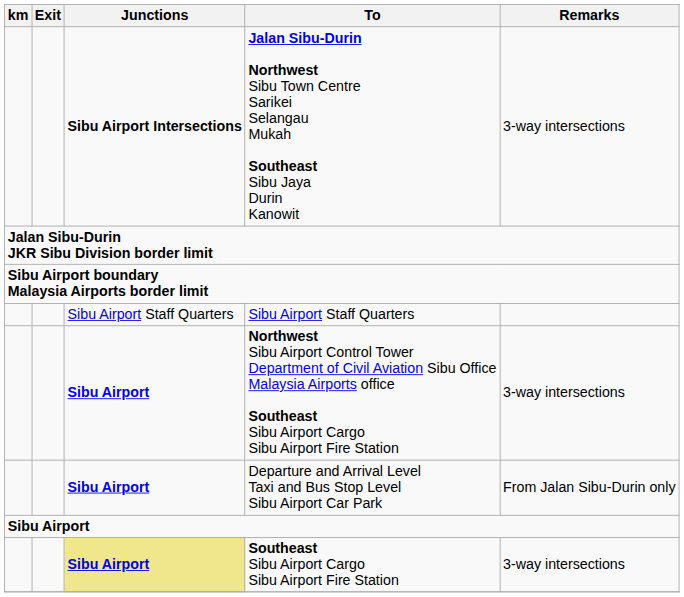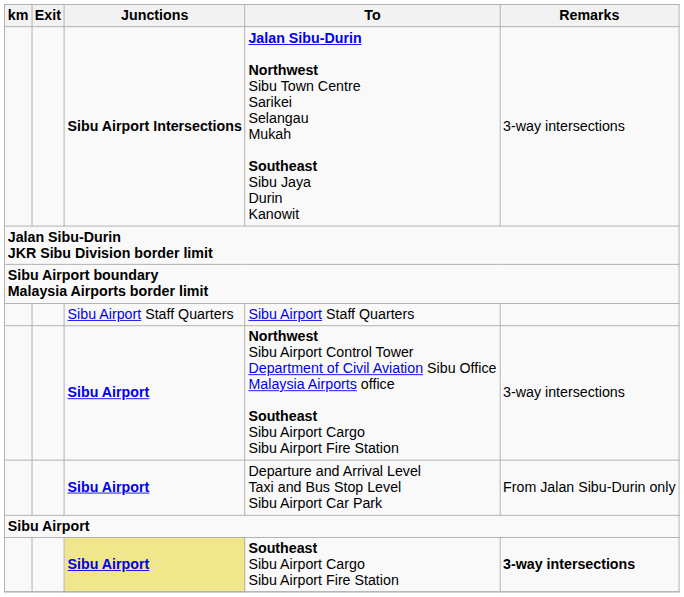 <table class="wikitable">
 <tr>
 <th>km</th>
 <th>Exit</th>
 <th>Junctions</th>
 <th>To</th>
 <th>Remarks</th>
 </tr>
 <tr>
 <td></td>
 <td></td>
 <td><strong>Sibu Airport Intersections</strong></td>
 <td>  <strong><a href='#'>Jalan Sibu-Durin</a></strong><br><br><strong>Northwest</strong><br>Sibu Town Centre<br>Sarikei<br>Selangau<br>Mukah<br><br><strong>Southeast</strong><br>Sibu Jaya<br>Durin<br>Kanowit</td>
 <td>3-way intersections</td>
 </tr>
 <tr>
 <td style="width:600px" colspan="6" style="text-align:center; background:blue;"><strong><span>  Jalan Sibu-Durin<br>JKR Sibu Division border limit</span></strong></td>
 </tr>
 <tr>
 <td style="width:600px" colspan="6" style="text-align:center; background:yellow;"><strong><span>Sibu Airport boundary<br>Malaysia Airports border limit</span></strong></td>
 </tr>
 <tr>
 <td></td>
 <td></td>
 <td><a href='#'>Sibu Airport</a> Staff Quarters</td>
 <td><a href='#'>Sibu Airport</a> Staff Quarters</td>
 <td></td>
 </tr>
 <tr>
 <td></td>
 <td></td>
 <td><strong><a href='#'>Sibu Airport</a></strong> </td>
 <td><strong>Northwest</strong><br>Sibu Airport Control Tower<br><a href='#'>Department of Civil Aviation</a> Sibu Office<br><a href='#'>Malaysia Airports</a> office<br><br><strong>Southeast</strong><br>Sibu Airport Cargo<br>Sibu Airport Fire Station</td>
 <td>3-way intersections</td>
 </tr>
 <tr>
 <td></td>
 <td></td>
 <td><strong><a href='#'>Sibu Airport</a></strong> </td>
 <td>Departure and Arrival Level<br>Taxi and Bus Stop Level<br> Sibu Airport Car Park</td>
 <td>From Jalan Sibu-Durin only</td>
 </tr>
 <tr>
 <td style="width:600px" colspan="6" style="text-align:center; background:blue;"><strong><span>Sibu Airport</span></strong></td>
 </tr>
 <tr>
 <td></td>
 <td></td>
 <td style="background: khaki;"><strong><a href='#'>Sibu Airport</a></strong> </td>
 <td><strong>Southeast</strong><br>Sibu Airport Cargo<br>Sibu Airport Fire Station</td>
-<td>3-way intersections</td>
+<td><strong>3-way intersections</strong></td>
 </tr>
 <tr>
 </tr>
 </table>
